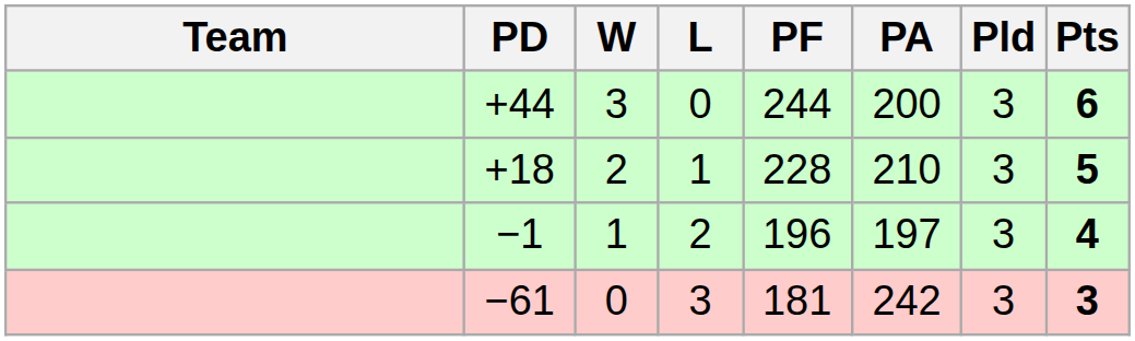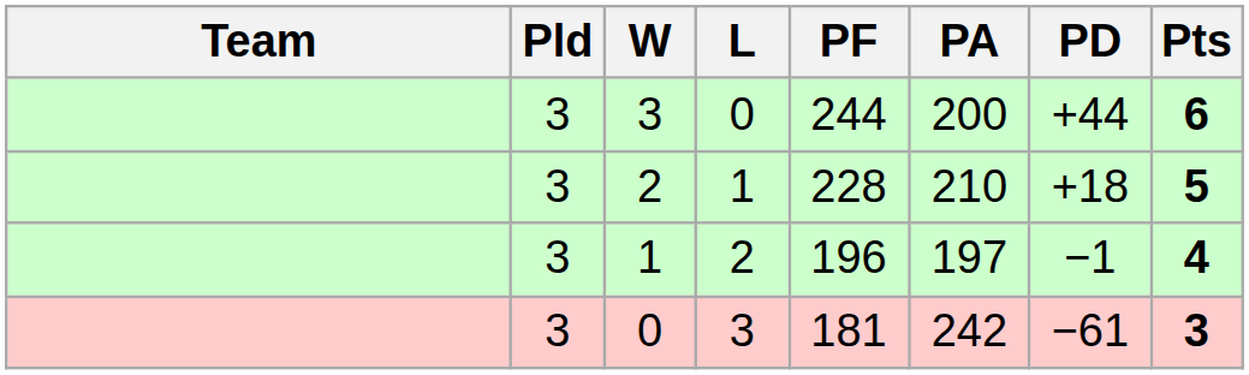 <table class="wikitable" style="text-align:center;">
 <tr>
 <th width=170>Team</th>
-<th width=35>PD</th>
+<th width=25>Pld</th>
 <th width=25>W</th>
 <th width=25>L</th>
 <th width=35>PF</th>
 <th width=35>PA</th>
-<th width=25>Pld</th>
+<th width=35>PD</th>
 <th width=25>Pts</th>
 </tr>
 <tr bgcolor=ccffcc>
 <td align="left"></td>
-<td>+44</td>
+<td>3</td>
 <td>3</td>
 <td>0</td>
 <td>244</td>
 <td>200</td>
-<td>3</td>
+<td>+44</td>
 <td><strong>6</strong></td>
 </tr>
 <tr bgcolor=ccffcc>
 <td align="left"></td>
-<td>+18</td>
+<td>3</td>
 <td>2</td>
 <td>1</td>
 <td>228</td>
 <td>210</td>
-<td>3</td>
+<td>+18</td>
 <td><strong>5</strong></td>
 </tr>
 <tr bgcolor=ccffcc>
 <td align="left"></td>
-<td>−1</td>
+<td>3</td>
 <td>1</td>
 <td>2</td>
 <td>196</td>
 <td>197</td>
-<td>3</td>
+<td>−1</td>
 <td><strong>4</strong></td>
 </tr>
 <tr bgcolor=ffcccc>
 <td align="left"></td>
-<td>−61</td>
+<td>3</td>
 <td>0</td>
 <td>3</td>
 <td>181</td>
 <td>242</td>
-<td>3</td>
+<td>−61</td>
 <td><strong>3</strong></td>
 </tr>
 </table>
